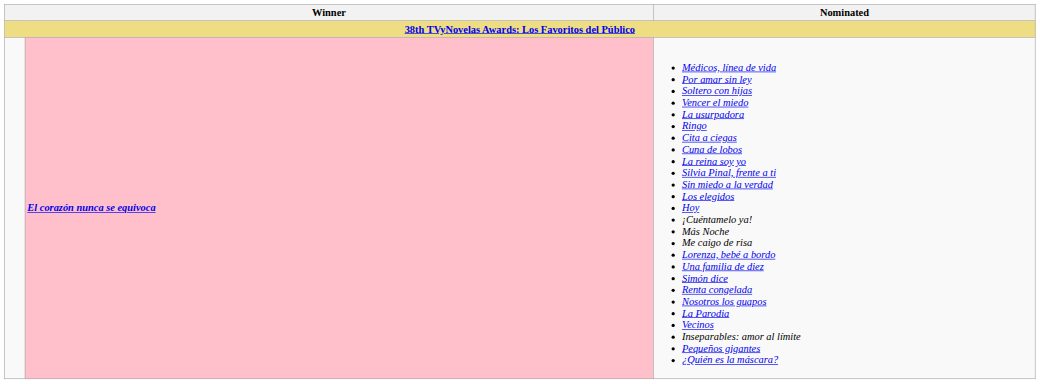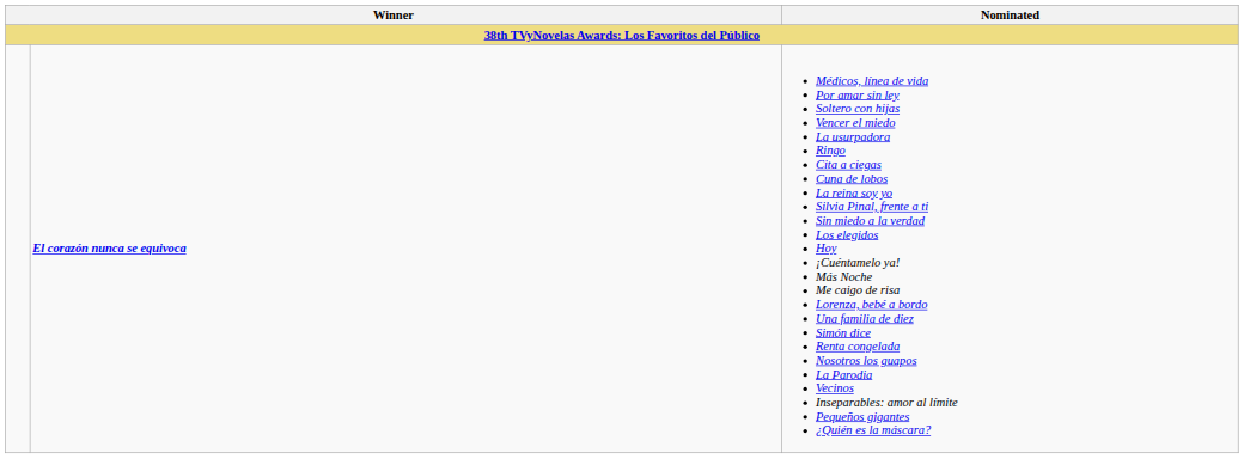 <table class="wikitable" width=80%>
 <tr align=center>
 <th width="150px;" colspan=2; align="center">Winner</th>
 <th width="580px;" align="center">Nominated</th>
 </tr>
 <tr>
 <th colspan=9 style="background:#EEDD82;"  align="center"><strong><a href='#'>38th TVyNovelas Awards: Los Favoritos del Público</a></strong></th>
 </tr>
 <tr>
 <td width=2%></td>
-<td style="background: pink;"><strong><em><a href='#'>El corazón nunca se equivoca</a></em></strong></td>
+<td><strong><em><a href='#'>El corazón nunca se equivoca</a></em></strong></td>
 <td><br><ul><li><em><a href='#'>Médicos, línea de vida</a></em></li><li><em><a href='#'>Por amar sin ley</a></em></li><li><em><a href='#'>Soltero con hijas</a></em></li><li><em><a href='#'>Vencer el miedo</a></em></li><li><em><a href='#'>La usurpadora</a></em></li><li><em><a href='#'>Ringo</a></em></li><li><em><a href='#'>Cita a ciegas</a></em></li><li><em><a href='#'>Cuna de lobos</a></em></li><li><em><a href='#'>La reina soy yo</a></em></li><li><em><a href='#'>Silvia Pinal, frente a ti</a></em></li><li><em><a href='#'>Sin miedo a la verdad</a></em></li><li><em><a href='#'>Los elegidos</a></em></li><li><em><a href='#'>Hoy</a></em></li><li><em>¡Cuéntamelo ya!</em></li><li><em>Más Noche</em></li><li><em>Me caigo de risa</em></li><li><em><a href='#'>Lorenza, bebé a bordo</a></em></li><li><em><a href='#'>Una familia de diez</a></em></li><li><em><a href='#'>Simón dice</a></em></li><li><em><a href='#'>Renta congelada</a></em></li><li><em><a href='#'>Nosotros los guapos</a></em></li><li><em><a href='#'>La Parodia</a></em></li><li><em><a href='#'>Vecinos</a></em></li><li><em>Inseparables: amor al límite</em></li><li><em><a href='#'>Pequeños gigantes</a></em></li><li><em><a href='#'>¿Quién es la máscara?</a></em></li></ul></td>
 </tr>
 </table>
